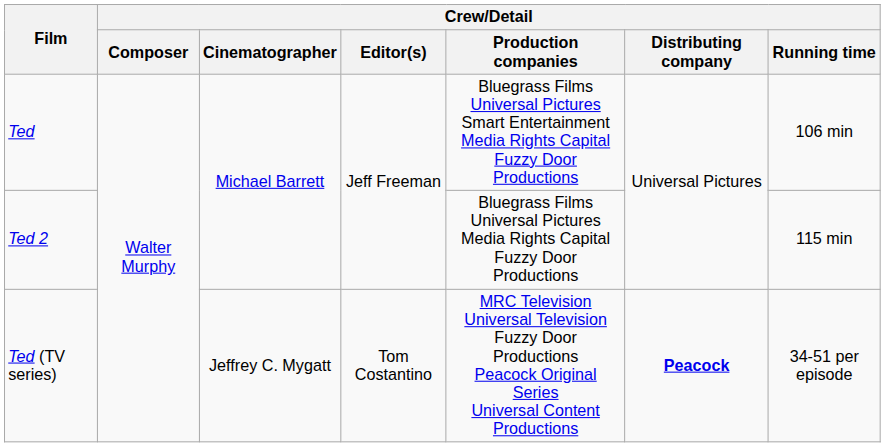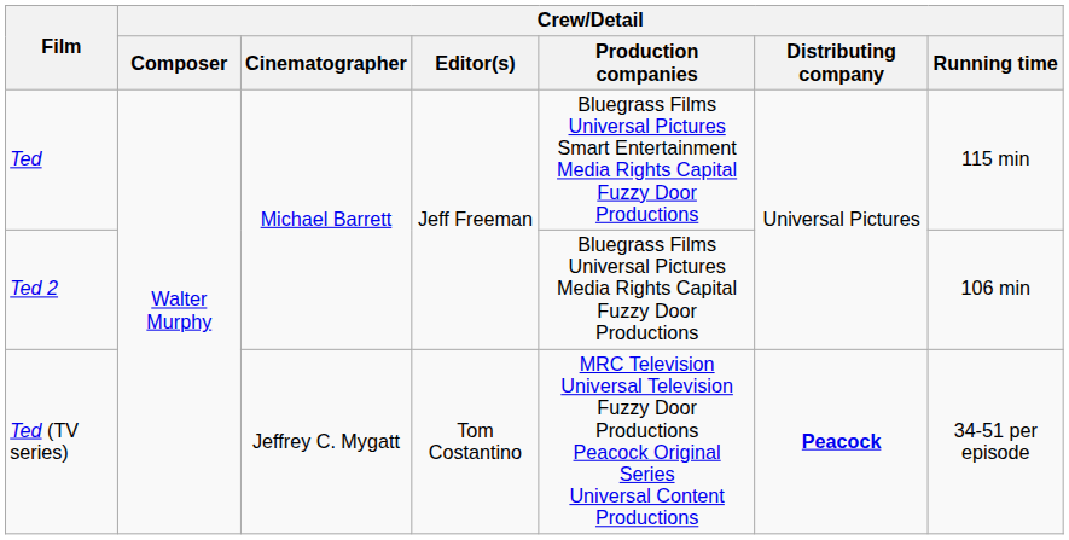 <table class="wikitable plainrowheaders" style="text-align:center;">
 <tr>
 <th rowspan="2">Film</th>
 <th colspan="7">Crew/Detail</th>
 </tr>
 <tr>
 <th>Composer</th>
 <th>Cinematographer</th>
 <th>Editor(s)</th>
 <th>Production companies</th>
 <th>Distributing company</th>
 <th>Running time</th>
 </tr>
 <tr>
 <td style="text-align:left"><em><a href='#'>Ted</a></em></td>
 <td rowspan="3"><a href='#'>Walter Murphy</a></td>
 <td rowspan="2"><a href='#'>Michael Barrett</a></td>
 <td rowspan="2">Jeff Freeman</td>
 <td>Bluegrass Films<br><a href='#'>Universal Pictures</a><br>Smart Entertainment<br><a href='#'>Media Rights Capital</a><br><a href='#'>Fuzzy Door Productions</a></td>
 <td rowspan="2">Universal Pictures</td>
-<td>106 min</td>
+<td>115 min</td>
 </tr>
 <tr>
 <td style="text-align:left"><em><a href='#'>Ted 2</a></em></td>
 <td>Bluegrass Films<br>Universal Pictures<br>Media Rights Capital<br>Fuzzy Door Productions</td>
-<td>115 min</td>
+<td>106 min</td>
 </tr>
 <tr>
 <td style="text-align:left"><em><a href='#'>Ted</a></em> (TV series)</td>
 <td>Jeffrey C. Mygatt</td>
 <td>Tom Costantino</td>
 <td><a href='#'>MRC Television</a><br><a href='#'>Universal Television</a><br>Fuzzy Door Productions<br><a href='#'>Peacock Original Series</a><br><a href='#'>Universal Content Productions</a></td>
 <td><strong><a href='#'>Peacock</a></strong></td>
 <td>34-51 per episode</td>
 </tr>
 </table>
